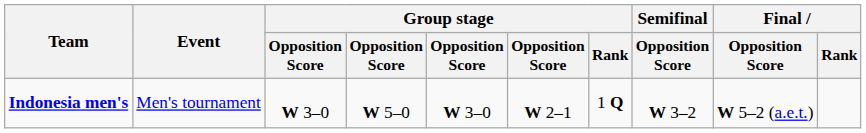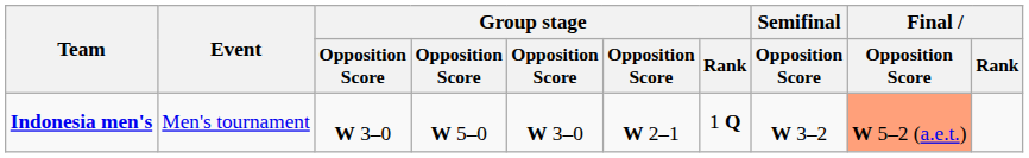 <table class="wikitable" style="font-size:85%">
 <tr>
 <th rowspan=2>Team</th>
 <th rowspan=2>Event</th>
 <th colspan=5>Group stage</th>
 <th>Semifinal</th>
 <th colspan=2>Final / </th>
 </tr>
 <tr style="font-size:90%">
 <th>Opposition<br>Score</th>
 <th>Opposition<br>Score</th>
 <th>Opposition<br>Score</th>
 <th>Opposition<br>Score</th>
 <th>Rank</th>
 <th>Opposition<br>Score</th>
 <th>Opposition<br>Score</th>
 <th>Rank</th>
 </tr>
 <tr align=center>
 <td align=left><strong><a href='#'>Indonesia men's</a></strong></td>
 <td align=left><a href='#'>Men's tournament</a></td>
 <td><br><strong>W</strong> 3–0</td>
 <td><br><strong>W</strong> 5–0</td>
 <td><br><strong>W</strong> 3–0</td>
 <td><br><strong>W</strong> 2–1</td>
 <td>1 <strong>Q</strong></td>
 <td><br><strong>W</strong> 3–2</td>
-<td><br><strong>W</strong> 5–2 (<a href='#'>a.e.t.</a>)</td>
+<td style="background: lightsalmon;"><br><strong>W</strong> 5–2 (<a href='#'>a.e.t.</a>)</td>
 <td></td>
 </tr>
 </table>
